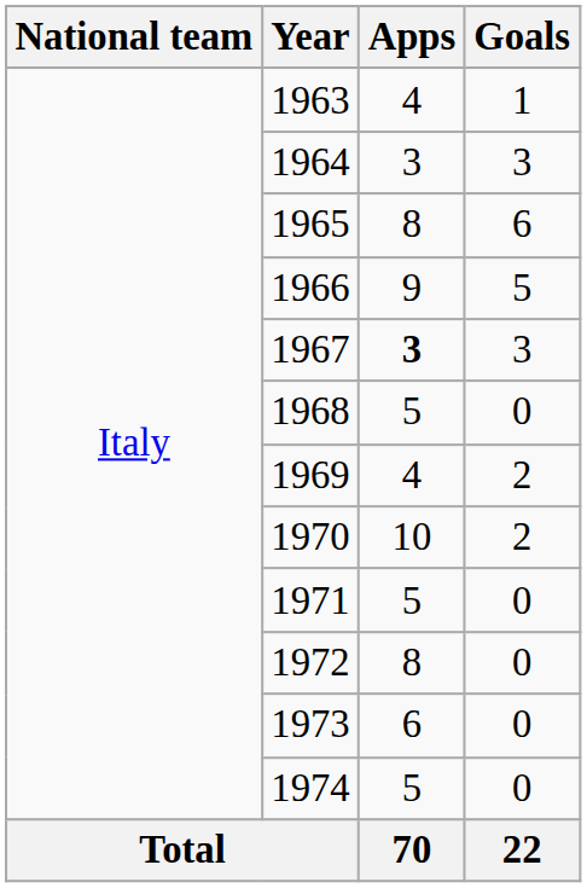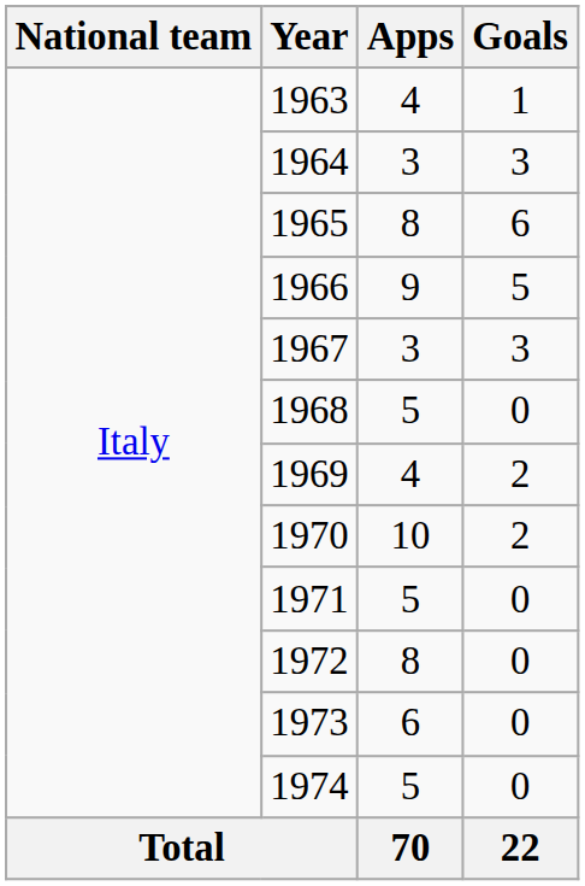 <table class="wikitable" style="text-align:center">
 <tr>
 <th>National team</th>
 <th>Year</th>
 <th>Apps</th>
 <th>Goals</th>
 </tr>
 <tr>
 <td rowspan="12"><a href='#'>Italy</a></td>
 <td>1963</td>
 <td>4</td>
 <td>1</td>
 </tr>
 <tr>
 <td>1964</td>
 <td>3</td>
 <td>3</td>
 </tr>
 <tr>
 <td>1965</td>
 <td>8</td>
 <td>6</td>
 </tr>
 <tr>
 <td>1966</td>
 <td>9</td>
 <td>5</td>
 </tr>
 <tr>
 <td>1967</td>
-<td><strong>3</strong></td>
+<td>3</td>
 <td>3</td>
 </tr>
 <tr>
 <td>1968</td>
 <td>5</td>
 <td>0</td>
 </tr>
 <tr>
 <td>1969</td>
 <td>4</td>
 <td>2</td>
 </tr>
 <tr>
 <td>1970</td>
 <td>10</td>
 <td>2</td>
 </tr>
 <tr>
 <td>1971</td>
 <td>5</td>
 <td>0</td>
 </tr>
 <tr>
 <td>1972</td>
 <td>8</td>
 <td>0</td>
 </tr>
 <tr>
 <td>1973</td>
 <td>6</td>
 <td>0</td>
 </tr>
 <tr>
 <td>1974</td>
 <td>5</td>
 <td>0</td>
 </tr>
 <tr>
 <th colspan="2">Total</th>
 <th>70</th>
 <th>22</th>
 </tr>
 </table>
